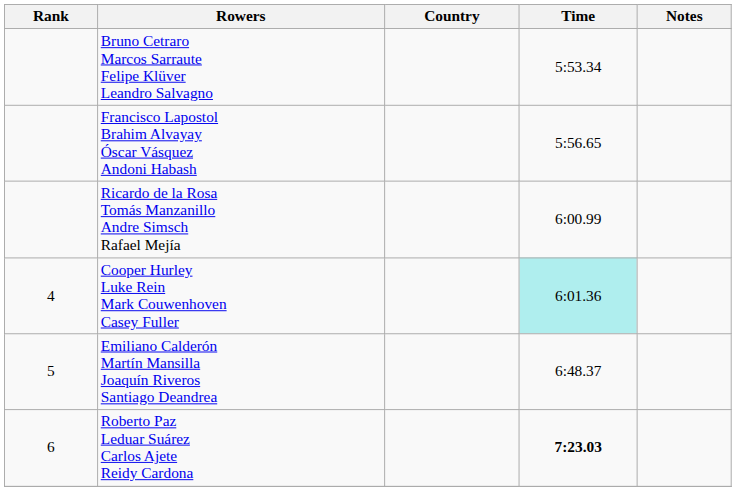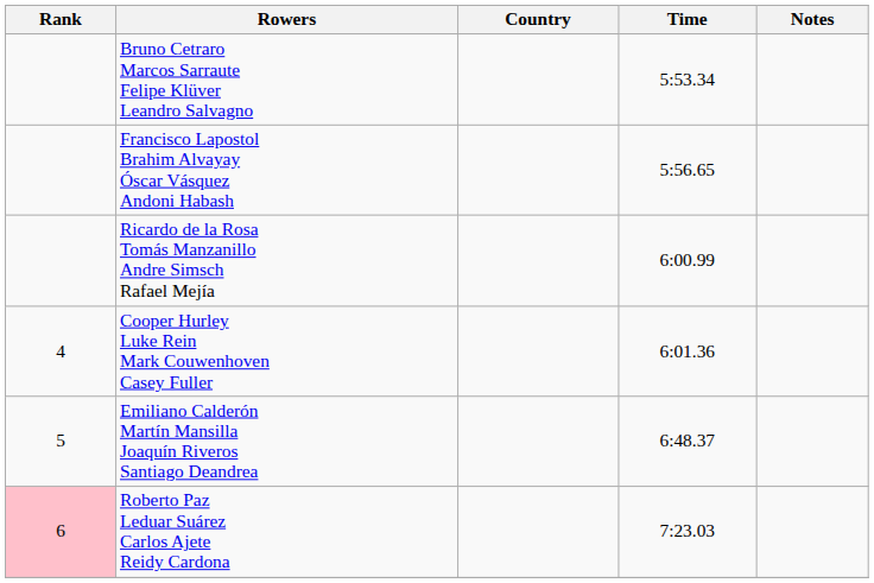 <table class="wikitable" width=60% style="text-align:center">
 <tr>
 <th>Rank</th>
 <th>Rowers</th>
 <th>Country</th>
 <th>Time</th>
 <th>Notes</th>
 </tr>
 <tr>
 <td></td>
 <td align=left><a href='#'>Bruno Cetraro</a><br><a href='#'>Marcos Sarraute</a><br><a href='#'>Felipe Klüver</a><br><a href='#'>Leandro Salvagno</a></td>
 <td align=left></td>
 <td>5:53.34</td>
 <td></td>
 </tr>
 <tr>
 <td></td>
 <td align=left><a href='#'>Francisco Lapostol</a><br><a href='#'>Brahim Alvayay</a><br><a href='#'>Óscar Vásquez</a><br><a href='#'>Andoni Habash</a></td>
 <td align=left></td>
 <td>5:56.65</td>
 <td></td>
 </tr>
 <tr>
 <td></td>
 <td align=left><a href='#'>Ricardo de la Rosa</a><br><a href='#'>Tomás Manzanillo</a><br><a href='#'>Andre Simsch</a><br>Rafael Mejía</td>
 <td align=left></td>
 <td>6:00.99</td>
 <td></td>
 </tr>
 <tr>
 <td>4</td>
 <td align=left><a href='#'>Cooper Hurley</a><br><a href='#'>Luke Rein</a><br><a href='#'>Mark Couwenhoven</a><br><a href='#'>Casey Fuller</a></td>
 <td align=left></td>
-<td style="background: paleturquoise;">6:01.36</td>
+<td>6:01.36</td>
 <td></td>
 </tr>
 <tr>
 <td>5</td>
 <td align=left><a href='#'>Emiliano Calderón</a><br><a href='#'>Martín Mansilla</a><br><a href='#'>Joaquín Riveros</a><br><a href='#'>Santiago Deandrea</a></td>
 <td align=left></td>
 <td>6:48.37</td>
 <td></td>
 </tr>
 <tr>
-<td>6</td>
+<td style="background: pink;">6</td>
 <td align=left><a href='#'>Roberto Paz</a><br><a href='#'>Leduar Suárez</a><br><a href='#'>Carlos Ajete</a><br><a href='#'>Reidy Cardona</a></td>
 <td align=left></td>
-<td><strong>7:23.03</strong></td>
+<td>7:23.03</td>
 <td></td>
 </tr>
 <tr>
 </tr>
 </table>
